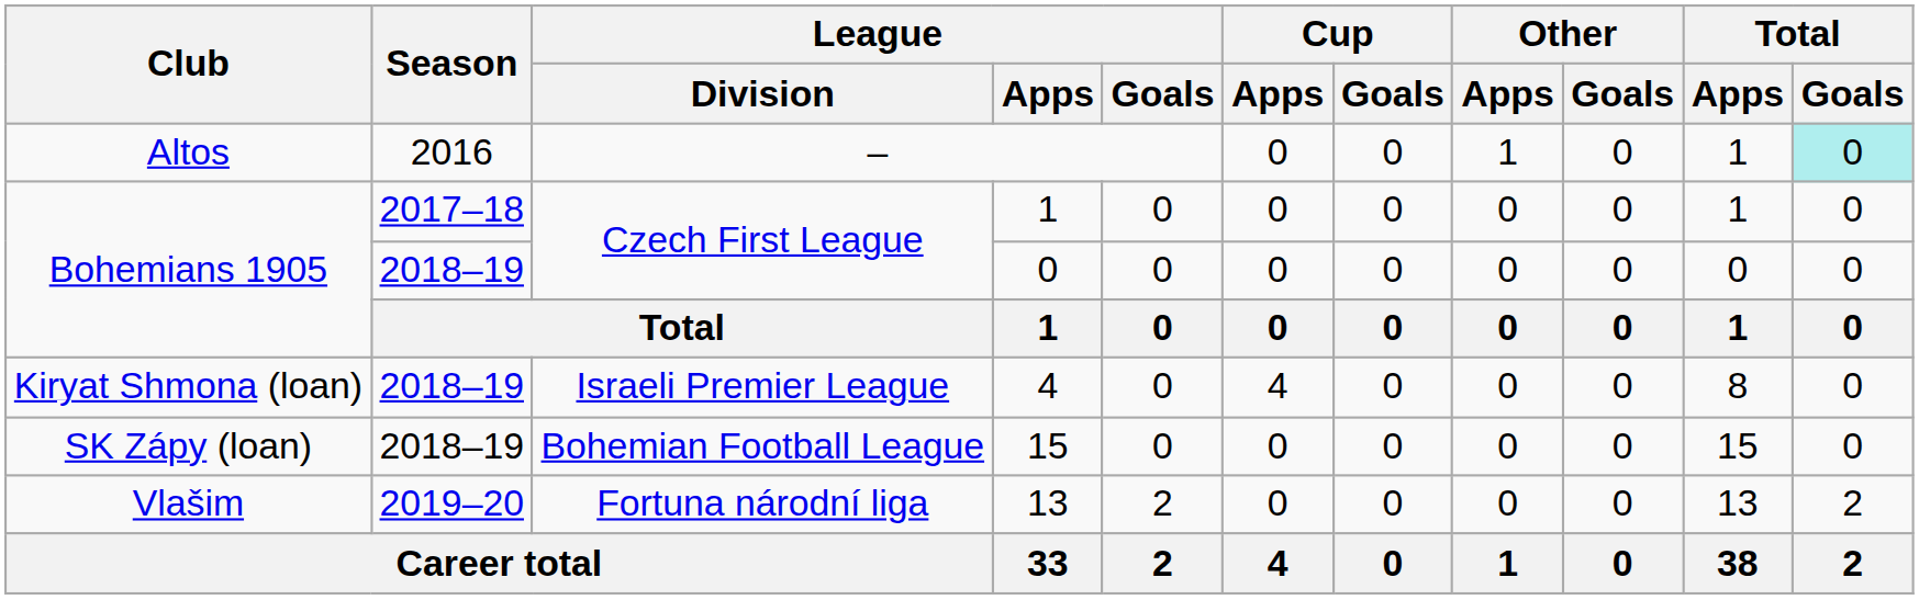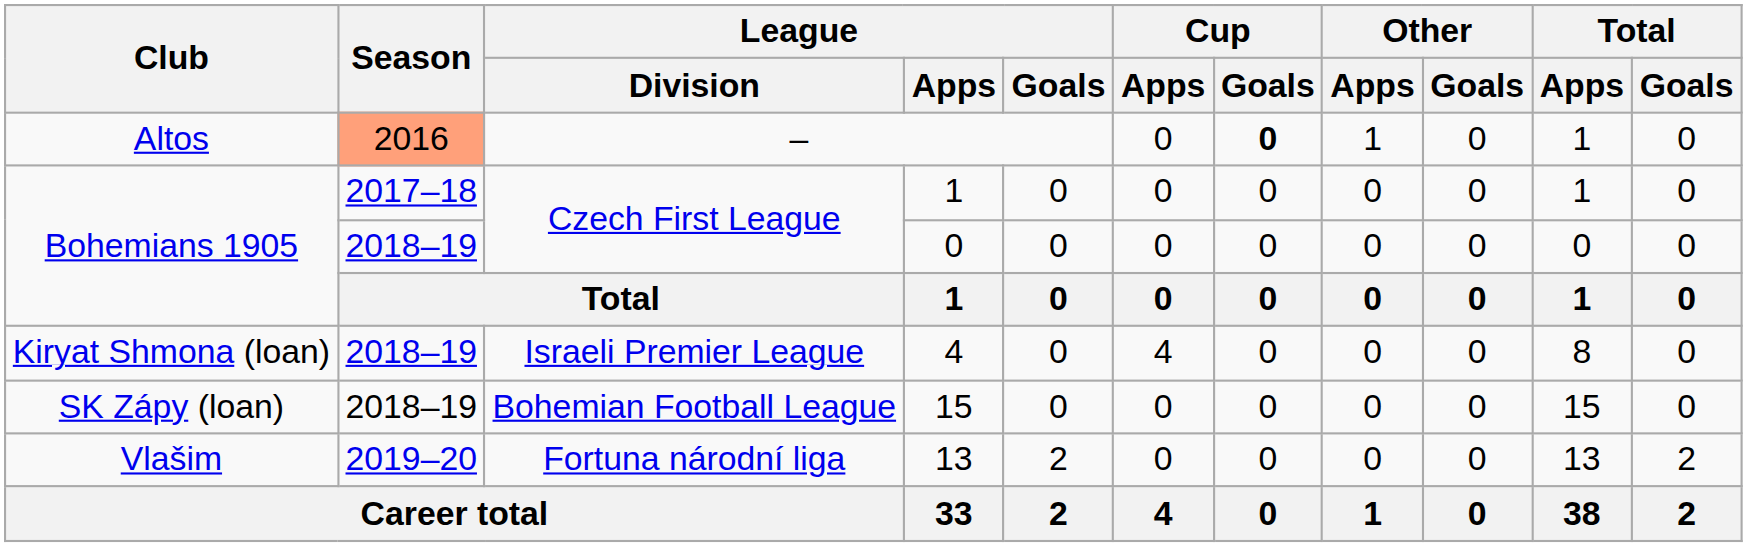 <table class="wikitable" style="text-align: center">
 <tr>
 <th rowspan="2">Club</th>
 <th rowspan="2">Season</th>
 <th colspan="3">League</th>
 <th colspan="2">Cup</th>
 <th colspan="2">Other</th>
 <th colspan="2">Total</th>
 </tr>
 <tr>
 <th>Division</th>
 <th>Apps</th>
 <th>Goals</th>
 <th>Apps</th>
 <th>Goals</th>
 <th>Apps</th>
 <th>Goals</th>
 <th>Apps</th>
 <th>Goals</th>
 </tr>
 <tr>
 <td><a href='#'>Altos</a></td>
-<td>2016</td>
+<td style="background: lightsalmon;">2016</td>
 <td colspan="3">–</td>
 <td>0</td>
+<td><strong>0</strong></td>
+<td>1</td>
 <td>0</td>
 <td>1</td>
 <td>0</td>
-<td>1</td>
-<td style="background: paleturquoise;">0</td>
 </tr>
 <tr>
 <td rowspan="3"><a href='#'>Bohemians 1905</a></td>
 <td><a href='#'>2017–18</a></td>
 <td rowspan="2"><a href='#'>Czech First League</a></td>
 <td>1</td>
 <td>0</td>
 <td>0</td>
 <td>0</td>
 <td>0</td>
 <td>0</td>
 <td>1</td>
 <td>0</td>
 </tr>
 <tr>
 <td><a href='#'>2018–19</a></td>
 <td>0</td>
 <td>0</td>
 <td>0</td>
 <td>0</td>
 <td>0</td>
 <td>0</td>
 <td>0</td>
 <td>0</td>
 </tr>
 <tr>
 <th colspan="2"><strong>Total</strong></th>
 <th>1</th>
 <th>0</th>
 <th>0</th>
 <th>0</th>
 <th>0</th>
 <th>0</th>
 <th>1</th>
 <th>0</th>
 </tr>
 <tr>
 <td><a href='#'>Kiryat Shmona</a> (loan)</td>
 <td><a href='#'>2018–19</a></td>
 <td><a href='#'>Israeli Premier League</a></td>
 <td>4</td>
 <td>0</td>
 <td>4</td>
 <td>0</td>
 <td>0</td>
 <td>0</td>
 <td>8</td>
 <td>0</td>
 </tr>
 <tr>
 <td><a href='#'>SK Zápy</a> (loan)</td>
 <td>2018–19</td>
 <td><a href='#'>Bohemian Football League</a></td>
 <td>15</td>
 <td>0</td>
 <td>0</td>
 <td>0</td>
 <td>0</td>
 <td>0</td>
 <td>15</td>
 <td>0</td>
 </tr>
 <tr>
 <td><a href='#'>Vlašim</a></td>
 <td><a href='#'>2019–20</a></td>
 <td><a href='#'>Fortuna národní liga</a></td>
 <td>13</td>
 <td>2</td>
 <td>0</td>
 <td>0</td>
 <td>0</td>
 <td>0</td>
 <td>13</td>
 <td>2</td>
 </tr>
 <tr>
 <th colspan="3"><strong>Career total</strong></th>
 <th>33</th>
 <th>2</th>
 <th>4</th>
 <th>0</th>
 <th>1</th>
 <th>0</th>
 <th>38</th>
 <th>2</th>
 </tr>
 </table>
